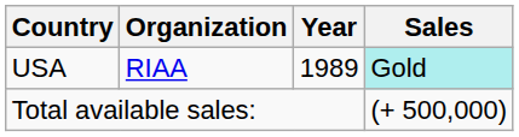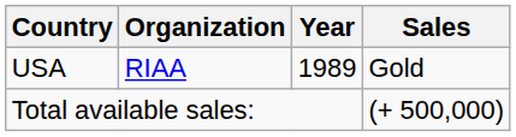 <table class="wikitable" style="font-size: 95%;">
 <tr>
 <th>Country</th>
 <th>Organization</th>
 <th>Year</th>
 <th>Sales</th>
 </tr>
 <tr>
 <td>USA</td>
 <td><a href='#'>RIAA</a></td>
 <td>1989</td>
-<td style="background: paleturquoise;">Gold</td>
+<td>Gold</td>
 </tr>
 <tr>
 <td colspan="3">Total available sales:</td>
 <td>(+ 500,000)</td>
 </tr>
 </table>
